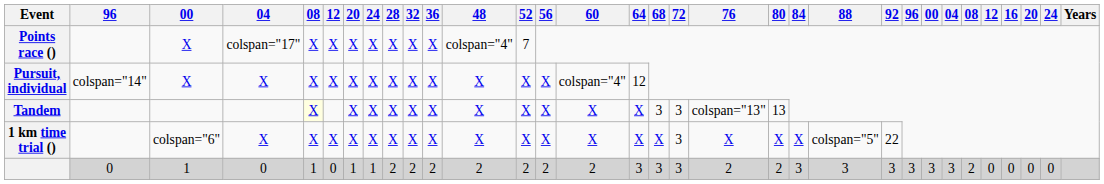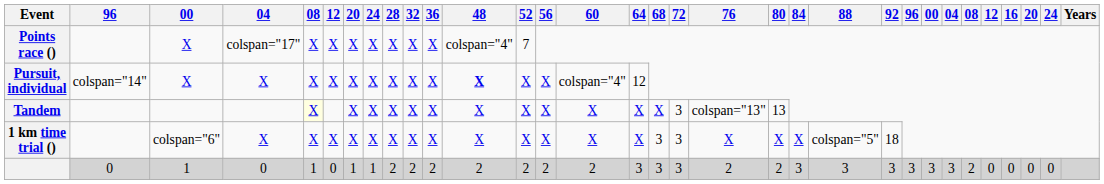 <table class="wikitable plainrowheaders sticky-header" style="text-align:center;">
 <tr>
 <th scope="col">Event</th>
 <th scope="col"><a href='#'>96</a></th>
 <th scope="col"><a href='#'>00</a></th>
 <th scope="col"><a href='#'>04</a></th>
 <th scope="col"><a href='#'>08</a></th>
 <th scope="col"><a href='#'>12</a></th>
 <th scope="col"><a href='#'>20</a></th>
 <th scope="col"><a href='#'>24</a></th>
 <th scope="col"><a href='#'>28</a></th>
 <th scope="col"><a href='#'>32</a></th>
 <th scope="col"><a href='#'>36</a></th>
 <th scope="col"><a href='#'>48</a></th>
 <th scope="col"><a href='#'>52</a></th>
 <th scope="col"><a href='#'>56</a></th>
 <th scope="col"><a href='#'>60</a></th>
 <th scope="col"><a href='#'>64</a></th>
 <th scope="col"><a href='#'>68</a></th>
 <th scope="col"><a href='#'>72</a></th>
 <th scope="col"><a href='#'>76</a></th>
 <th scope="col"><a href='#'>80</a></th>
 <th scope="col"><a href='#'>84</a></th>
 <th scope="col"><a href='#'>88</a></th>
 <th scope="col"><a href='#'>92</a></th>
 <th scope="col"><a href='#'>96</a></th>
 <th scope="col"><a href='#'>00</a></th>
 <th scope="col"><a href='#'>04</a></th>
 <th scope="col"><a href='#'>08</a></th>
 <th scope="col"><a href='#'>12</a></th>
 <th scope="col"><a href='#'>16</a></th>
 <th scope="col"><a href='#'>20</a></th>
 <th scope="col"><a href='#'>24</a></th>
 <th scope="col">Years</th>
 </tr>
 <tr>
 <th scope="row"><a href='#'>Points race</a> ()</th>
 <td></td>
 <td><a href='#'>X</a></td>
 <td>colspan="17"</td>
 <td><a href='#'>X</a></td>
 <td><a href='#'>X</a></td>
 <td><a href='#'>X</a></td>
 <td><a href='#'>X</a></td>
 <td><a href='#'>X</a></td>
 <td><a href='#'>X</a></td>
 <td><a href='#'>X</a></td>
 <td>colspan="4"</td>
 <td>7</td>
 </tr>
 <tr>
 <th scope="row"><a href='#'>Pursuit, individual</a></th>
 <td>colspan="14"</td>
 <td><a href='#'>X</a></td>
 <td><a href='#'>X</a></td>
 <td><a href='#'>X</a></td>
 <td><a href='#'>X</a></td>
 <td><a href='#'>X</a></td>
 <td><a href='#'>X</a></td>
 <td><a href='#'>X</a></td>
 <td><a href='#'>X</a></td>
 <td><a href='#'>X</a></td>
-<td><a href='#'>X</a></td>
+<td><strong><a href='#'>X</a></strong></td>
 <td><a href='#'>X</a></td>
 <td><a href='#'>X</a></td>
 <td>colspan="4"</td>
 <td>12</td>
 </tr>
 <tr>
 <th scope="row"><a href='#'>Tandem</a></th>
 <td></td>
 <td></td>
 <td></td>
 <td style="background: lightyellow;"><a href='#'>X</a></td>
 <td></td>
 <td><a href='#'>X</a></td>
 <td><a href='#'>X</a></td>
 <td><a href='#'>X</a></td>
 <td><a href='#'>X</a></td>
 <td><a href='#'>X</a></td>
 <td><a href='#'>X</a></td>
 <td><a href='#'>X</a></td>
 <td><a href='#'>X</a></td>
 <td><a href='#'>X</a></td>
 <td><a href='#'>X</a></td>
-<td>3</td>
+<td><a href='#'>X</a></td>
 <td>3</td>
 <td>colspan="13"</td>
 <td>13</td>
 </tr>
 <tr>
 <th scope="row">1 km <a href='#'>time trial</a> ()</th>
 <td></td>
 <td>colspan="6"</td>
 <td><a href='#'>X</a></td>
 <td><a href='#'>X</a></td>
 <td><a href='#'>X</a></td>
 <td><a href='#'>X</a></td>
 <td><a href='#'>X</a></td>
 <td><a href='#'>X</a></td>
 <td><a href='#'>X</a></td>
 <td><a href='#'>X</a></td>
 <td><a href='#'>X</a></td>
 <td><a href='#'>X</a></td>
 <td><a href='#'>X</a></td>
 <td><a href='#'>X</a></td>
 <td><a href='#'>X</a></td>
-<td><a href='#'>X</a></td>
+<td>3</td>
 <td>3</td>
 <td><a href='#'>X</a></td>
 <td><a href='#'>X</a></td>
 <td><a href='#'>X</a></td>
 <td>colspan="5"</td>
-<td>22</td>
+<td>18</td>
 </tr>
 <tr style="background:lightgray">
 <th scope="row"><strong></strong></th>
 <td>0</td>
 <td>1</td>
 <td>0</td>
 <td>1</td>
 <td>0</td>
 <td>1</td>
 <td>1</td>
 <td>2</td>
 <td>2</td>
 <td>2</td>
 <td>2</td>
 <td>2</td>
 <td>2</td>
 <td>2</td>
 <td>3</td>
 <td>3</td>
 <td>3</td>
 <td>2</td>
 <td>2</td>
 <td>3</td>
 <td>3</td>
 <td>3</td>
 <td>3</td>
 <td>3</td>
 <td>3</td>
 <td>2</td>
 <td>0</td>
 <td>0</td>
 <td>0</td>
 <td>0</td>
 <td></td>
 </tr>
 </table>
